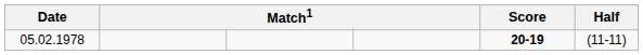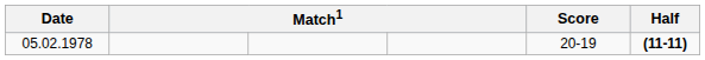 <table width=750 class="wikitable">
 <tr bgcolor="lightsteelblue">
 <th width=15%>Date</th>
 <th width=60% colspan=3>Match<sup>1</sup></th>
 <th width=15%>Score</th>
 <th width=15%>Half</th>
 </tr>
 <tr style=font-size:95%>
 <td align=center>05.02.1978</td>
 <td align=center></td>
 <td></td>
 <td></td>
-<td align=center><strong>20-19</strong></td>
-<td align=center>(11-11)</td>
+<td align=center>20-19</td>
+<td align=center><strong>(11-11)</strong></td>
 </tr>
 </table>
